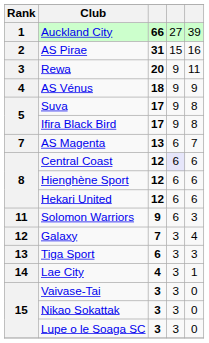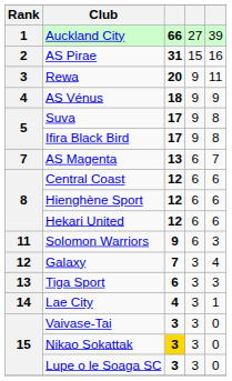 <table class="wikitable" style="text-align:center;">
 <tr>
 </tr>
 <tr>
 <th>Rank</th>
 <th>Club</th>
 <th></th>
 <th></th>
 <th></th>
 </tr>
 <tr bgcolor=#CCFFCC>
 <th>1</th>
 <td align=left> <a href='#'>Auckland City</a></td>
 <td><strong>66</strong></td>
 <td>27</td>
 <td>39</td>
 </tr>
 <tr>
 <th>2</th>
 <td align=left> <a href='#'>AS Pirae</a></td>
 <td><strong>31</strong></td>
 <td>15</td>
 <td>16</td>
 </tr>
 <tr>
 <th>3</th>
 <td align=left> <a href='#'>Rewa</a></td>
 <td><strong>20</strong></td>
 <td>9</td>
 <td>11</td>
 </tr>
 <tr>
 <th>4</th>
 <td align=left> <a href='#'>AS Vénus</a></td>
 <td><strong>18</strong></td>
 <td>9</td>
 <td>9</td>
 </tr>
 <tr>
 <th rowspan=2>5</th>
 <td align=left> <a href='#'>Suva</a></td>
 <td><strong>17</strong></td>
 <td>9</td>
 <td>8</td>
 </tr>
 <tr>
 <td align=left> <a href='#'>Ifira Black Bird</a></td>
 <td><strong>17</strong></td>
 <td>9</td>
 <td>8</td>
 </tr>
 <tr>
 <th>7</th>
 <td align=left> <a href='#'>AS Magenta</a></td>
 <td><strong>13</strong></td>
 <td>6</td>
 <td>7</td>
 </tr>
 <tr>
 <th rowspan=3>8</th>
 <td align=left> <a href='#'>Central Coast</a></td>
 <td><strong>12</strong></td>
-<td style="background: lavender;">6</td>
+<td>6</td>
 <td>6</td>
 </tr>
 <tr>
 <td align=left> <a href='#'>Hienghène Sport</a></td>
 <td><strong>12</strong></td>
 <td>6</td>
 <td>6</td>
 </tr>
 <tr>
 <td align=left> <a href='#'>Hekari United</a></td>
 <td><strong>12</strong></td>
 <td>6</td>
 <td>6</td>
 </tr>
 <tr>
 <th>11</th>
 <td align=left> <a href='#'>Solomon Warriors</a></td>
 <td><strong>9</strong></td>
 <td>6</td>
 <td>3</td>
 </tr>
 <tr>
 <th>12</th>
 <td align=left> <a href='#'>Galaxy</a></td>
 <td><strong>7</strong></td>
 <td>3</td>
 <td>4</td>
 </tr>
 <tr>
 <th>13</th>
 <td align=left> <a href='#'>Tiga Sport</a></td>
 <td><strong>6</strong></td>
 <td>3</td>
 <td>3</td>
 </tr>
 <tr>
 <th>14</th>
 <td align=left> <a href='#'>Lae City</a></td>
 <td><strong>4</strong></td>
 <td>3</td>
 <td>1</td>
 </tr>
 <tr>
 <th rowspan=3>15</th>
 <td align=left> <a href='#'>Vaivase-Tai</a></td>
 <td><strong>3</strong></td>
 <td>3</td>
 <td>0</td>
 </tr>
 <tr>
 <td align=left> <a href='#'>Nikao Sokattak</a></td>
-<td><strong>3</strong></td>
+<td style="background: gold;"><strong>3</strong></td>
 <td>3</td>
 <td>0</td>
 </tr>
 <tr>
 <td align=left> <a href='#'>Lupe o le Soaga SC</a></td>
 <td><strong>3</strong></td>
 <td>3</td>
 <td>0</td>
 </tr>
 <tr>
 </tr>
 </table>
